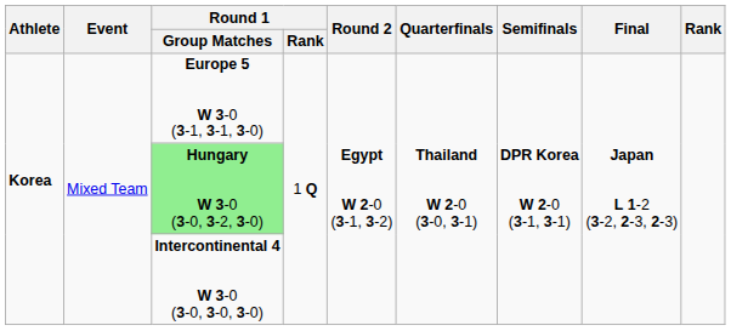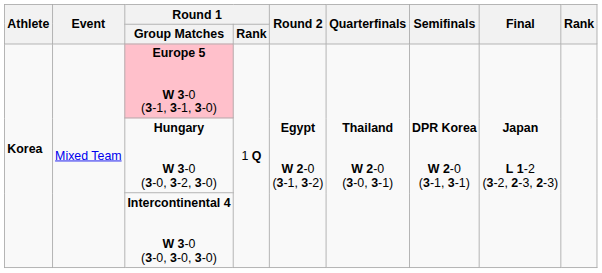 <table class="wikitable" border="1" style="font-size:90%">
 <tr>
 <th rowspan=2>Athlete</th>
 <th rowspan=2>Event</th>
 <th colspan=2>Round 1</th>
 <th rowspan=2>Round 2</th>
 <th rowspan=2>Quarterfinals</th>
 <th rowspan=2>Semifinals</th>
 <th rowspan=2>Final</th>
 <th rowspan=2>Rank</th>
 </tr>
 <tr>
 <th>Group Matches</th>
 <th>Rank</th>
 </tr>
 <tr>
 <td rowspan=3><strong>Korea</strong><br><br></td>
 <td rowspan=3><a href='#'>Mixed Team</a></td>
-<td align=center><strong>Europe 5</strong><br><br><br> <strong>W</strong> <strong>3</strong>-0 <br> (<strong>3</strong>-1, <strong>3</strong>-1, <strong>3</strong>-0)</td>
+<td align=center style="background: pink;"><strong>Europe 5</strong><br><br><br> <strong>W</strong> <strong>3</strong>-0 <br> (<strong>3</strong>-1, <strong>3</strong>-1, <strong>3</strong>-0)</td>
 <td rowspan=3 align=center>1 <strong>Q</strong></td>
 <td align=center rowspan=3><strong>Egypt</strong><br><br><br> <strong>W</strong> <strong>2</strong>-0 <br> (<strong>3</strong>-1, <strong>3</strong>-2)</td>
 <td align=center rowspan=3><strong>Thailand</strong><br><br><br> <strong>W</strong> <strong>2</strong>-0 <br> (<strong>3</strong>-0, <strong>3</strong>-1)</td>
 <td align=center rowspan=3><strong>DPR Korea</strong><br><br><br> <strong>W</strong> <strong>2</strong>-0 <br> (<strong>3</strong>-1, <strong>3</strong>-1)</td>
 <td align=center rowspan=3><strong>Japan</strong><br><br><br> <strong>L</strong> <strong>1</strong>-2 <br> (<strong>3</strong>-2, <strong>2</strong>-3, <strong>2</strong>-3)</td>
 <td rowspan=3 align=center></td>
 </tr>
 <tr>
-<td align=center style="background: lightgreen;"><strong>Hungary</strong><br><br><br> <strong>W</strong> <strong>3</strong>-0 <br> (<strong>3</strong>-0, <strong>3</strong>-2, <strong>3</strong>-0)</td>
+<td align=center><strong>Hungary</strong><br><br><br> <strong>W</strong> <strong>3</strong>-0 <br> (<strong>3</strong>-0, <strong>3</strong>-2, <strong>3</strong>-0)</td>
 </tr>
 <tr>
 <td align=center><strong>Intercontinental 4</strong><br><br><br> <strong>W</strong> <strong>3</strong>-0 <br> (<strong>3</strong>-0, <strong>3</strong>-0, <strong>3</strong>-0)</td>
 </tr>
 </table>
